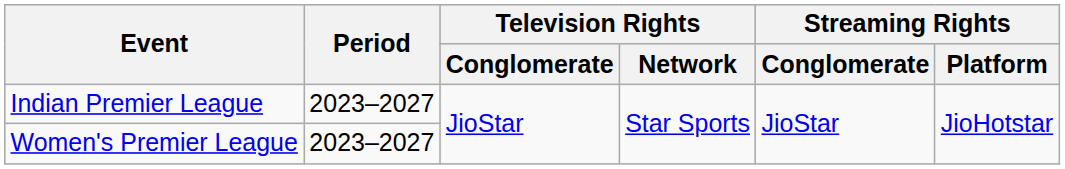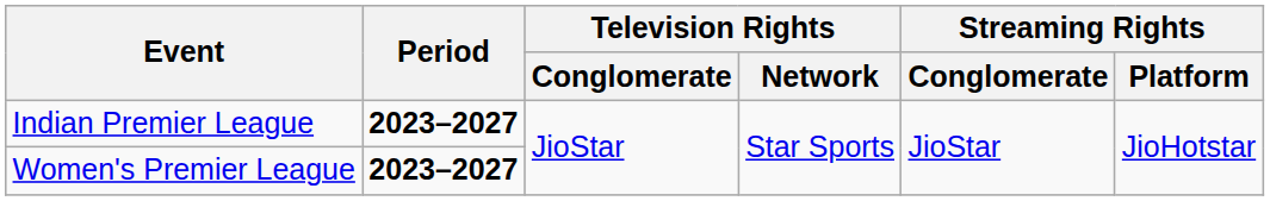 <table class="wikitable">
 <tr>
 <th colspan="2" rowspan="2">Event</th>
 <th rowspan="2">Period</th>
 <th colspan="2">Television Rights</th>
 <th colspan="2">Streaming Rights</th>
 </tr>
 <tr>
 <th>Conglomerate</th>
 <th>Network</th>
 <th>Conglomerate</th>
 <th>Platform</th>
 </tr>
 <tr>
 <td colspan="2"><a href='#'>Indian Premier League</a></td>
-<td>2023–2027</td>
+<td><strong>2023–2027</strong></td>
 <td rowspan="2"><a href='#'>JioStar</a></td>
 <td rowspan="2"><a href='#'>Star Sports</a></td>
 <td rowspan="2"><a href='#'>JioStar</a></td>
 <td rowspan="2"><a href='#'>JioHotstar</a></td>
 </tr>
 <tr>
 <td colspan="2"><a href='#'>Women's Premier League</a></td>
-<td>2023–2027</td>
+<td><strong>2023–2027</strong></td>
 </tr>
 </table>
